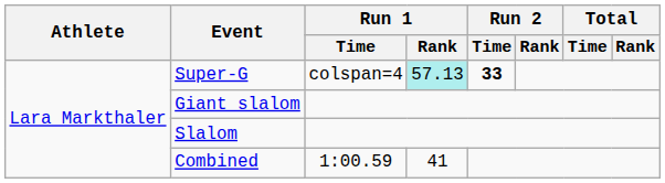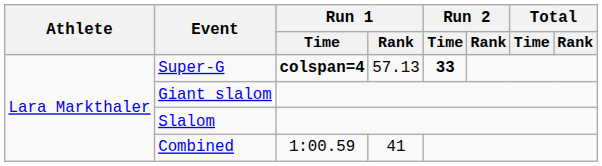 <table class="wikitable" style="font-size:90%">
 <tr>
 <th rowspan=2>Athlete</th>
 <th rowspan=2>Event</th>
 <th colspan=2>Run 1</th>
 <th colspan=2>Run 2</th>
 <th colspan=2>Total</th>
 </tr>
 <tr style="font-size:95%">
 <th>Time</th>
 <th>Rank</th>
 <th>Time</th>
 <th>Rank</th>
 <th>Time</th>
 <th>Rank</th>
 </tr>
 <tr align=center>
 <td align="left" rowspan="4"><a href='#'>Lara Markthaler</a></td>
 <td align="left"><a href='#'>Super-G</a></td>
-<td>colspan=4</td>
-<td style="background: paleturquoise;">57.13</td>
+<td><strong>colspan=4</strong></td>
+<td>57.13</td>
 <td><strong>33</strong></td>
 </tr>
 <tr align=center>
 <td align="left"><a href='#'>Giant slalom</a></td>
 <td colspan=6></td>
 </tr>
 <tr align=center>
 <td align="left"><a href='#'>Slalom</a></td>
 <td colspan=6></td>
 </tr>
 <tr align=center>
 <td align="left"><a href='#'>Combined</a></td>
 <td>1:00.59</td>
 <td>41</td>
 <td colspan=4></td>
 </tr>
 </table>
